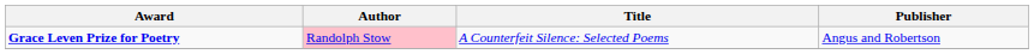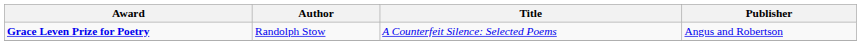 <table class="wikitable" width=95%>
 <tr>
 <th>Award</th>
 <th>Author</th>
 <th>Title</th>
 <th>Publisher</th>
 </tr>
 <tr>
 <td><strong><a href='#'>Grace Leven Prize for Poetry</a></strong></td>
-<td style="background: pink;"><a href='#'>Randolph Stow</a></td>
+<td><a href='#'>Randolph Stow</a></td>
 <td><em><a href='#'>A Counterfeit Silence: Selected Poems</a></em></td>
 <td><a href='#'>Angus and Robertson</a></td>
 </tr>
 <tr>
 </tr>
 </table>
